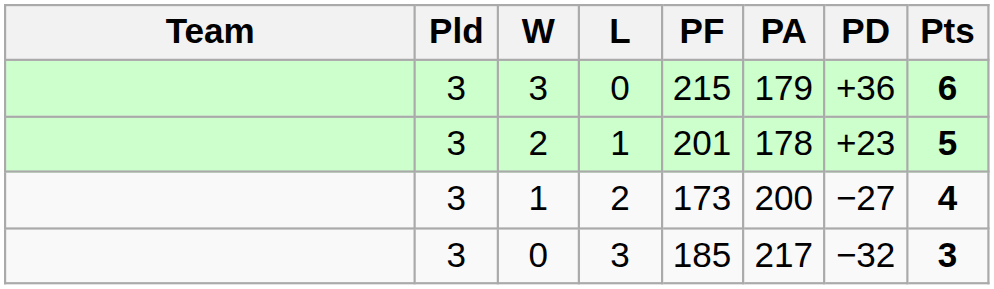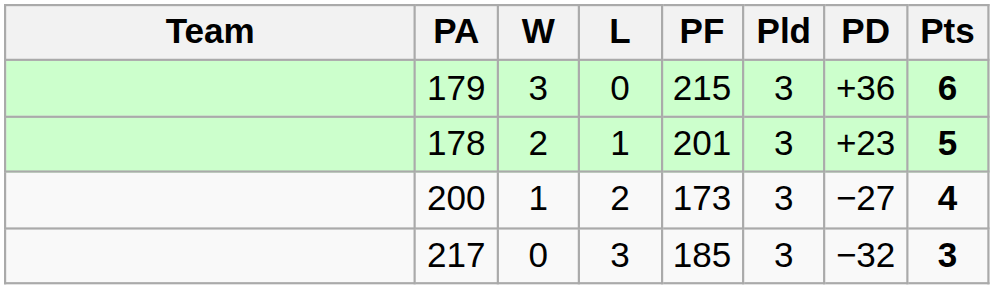 <table class="wikitable" style="text-align:center;">
 <tr>
 <th width=180>Team</th>
-<th width=30>Pld</th>
+<th width=30>PA</th>
 <th width=30>W</th>
 <th width=30>L</th>
 <th width=30>PF</th>
-<th width=30>PA</th>
+<th width=30>Pld</th>
 <th width=30>PD</th>
 <th width=30>Pts</th>
 </tr>
 <tr align=center bgcolor=#ccffcc>
 <td align=left></td>
-<td>3</td>
+<td>179</td>
 <td>3</td>
 <td>0</td>
 <td>215</td>
-<td>179</td>
+<td>3</td>
 <td>+36</td>
 <td><strong>6</strong></td>
 </tr>
 <tr align=center bgcolor=#ccffcc>
 <td align=left></td>
-<td>3</td>
+<td>178</td>
 <td>2</td>
 <td>1</td>
 <td>201</td>
-<td>178</td>
+<td>3</td>
 <td>+23</td>
 <td><strong>5</strong></td>
 </tr>
 <tr align=center>
 <td align=left></td>
-<td>3</td>
+<td>200</td>
 <td>1</td>
 <td>2</td>
 <td>173</td>
-<td>200</td>
+<td>3</td>
 <td>−27</td>
 <td><strong>4</strong></td>
 </tr>
 <tr align=center>
 <td align=left></td>
-<td>3</td>
+<td>217</td>
 <td>0</td>
 <td>3</td>
 <td>185</td>
-<td>217</td>
+<td>3</td>
 <td>−32</td>
 <td><strong>3</strong></td>
 </tr>
 </table>
